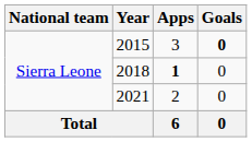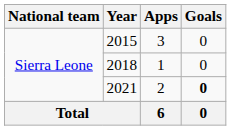 <table class=wikitable style=text-align:center>
 <tr>
 <th>National team</th>
 <th>Year</th>
 <th>Apps</th>
 <th>Goals</th>
 </tr>
 <tr>
 <td rowspan=3><a href='#'>Sierra Leone</a></td>
 <td>2015</td>
 <td>3</td>
-<td><strong>0</strong></td>
+<td>0</td>
 </tr>
 <tr>
 <td>2018</td>
-<td><strong>1</strong></td>
+<td>1</td>
 <td>0</td>
 </tr>
 <tr>
 <td>2021</td>
 <td>2</td>
-<td>0</td>
+<td><strong>0</strong></td>
 </tr>
 <tr>
 <th colspan=2>Total</th>
 <th>6</th>
 <th>0</th>
 </tr>
 </table>
